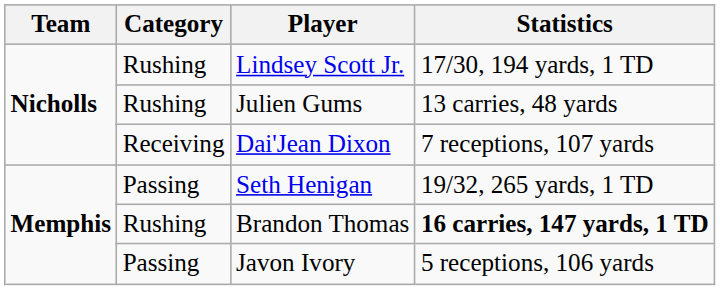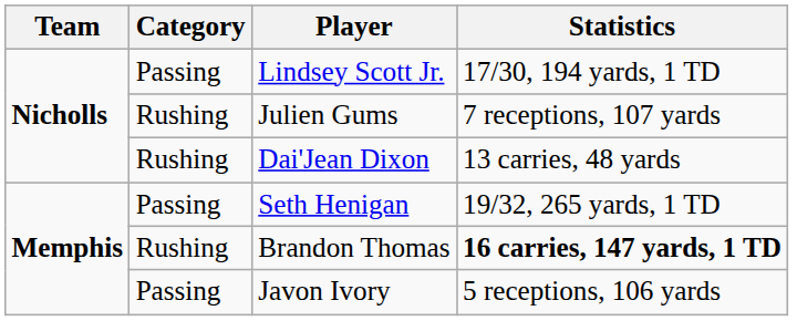 <table class="wikitable" style="float: left;">
 <tr>
 <th>Team</th>
 <th>Category</th>
 <th>Player</th>
 <th>Statistics</th>
 </tr>
 <tr>
 <td rowspan=3><strong>Nicholls</strong></td>
-<td>Rushing</td>
+<td>Passing</td>
 <td><a href='#'>Lindsey Scott Jr.</a></td>
 <td>17/30, 194 yards, 1 TD</td>
 </tr>
 <tr>
 <td>Rushing</td>
 <td>Julien Gums</td>
-<td>13 carries, 48 yards</td>
+<td>7 receptions, 107 yards</td>
 </tr>
 <tr>
-<td>Receiving</td>
+<td>Rushing</td>
 <td><a href='#'>Dai'Jean Dixon</a></td>
-<td>7 receptions, 107 yards</td>
+<td>13 carries, 48 yards</td>
 </tr>
 <tr>
 <td rowspan=3><strong>Memphis</strong></td>
 <td>Passing</td>
 <td><a href='#'>Seth Henigan</a></td>
 <td>19/32, 265 yards, 1 TD</td>
 </tr>
 <tr>
 <td>Rushing</td>
 <td>Brandon Thomas</td>
 <td><strong>16 carries, 147 yards, 1 TD</strong></td>
 </tr>
 <tr>
 <td>Passing</td>
 <td>Javon Ivory</td>
 <td>5 receptions, 106 yards</td>
 </tr>
 </table>
